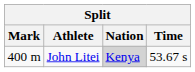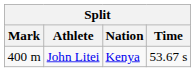 <table class="wikitable">
 <tr>
 <th colspan=4>Split</th>
 </tr>
 <tr>
 <th>Mark</th>
 <th>Athlete</th>
 <th>Nation</th>
 <th>Time</th>
 </tr>
 <tr>
 <td align="center">400 m</td>
 <td align="left"><a href='#'>John Litei</a></td>
-<td align="left" style="background: lightgrey;"> <a href='#'>Kenya</a></td>
+<td align="left"> <a href='#'>Kenya</a></td>
 <td align="center">53.67 s</td>
 </tr>
 </table>
